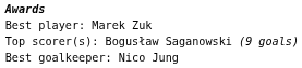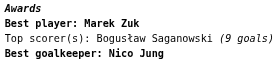 <table width=100% cellspacing=1 style="font-size: 90%;">
 <tr>
 <td><strong><em>Awards</em></strong></td>
 </tr>
 <tr>
-<td>Best player:  Marek Zuk</td>
+<td><strong>Best player:  Marek Zuk</strong></td>
 </tr>
 <tr>
 <td colspan=4>Top scorer(s):  Bogusław Saganowski <em>(9 goals)</em></td>
 </tr>
 <tr>
-<td>Best goalkeeper:  Nico Jung</td>
+<td><strong>Best goalkeeper:  Nico Jung</strong></td>
 </tr>
 </table>
